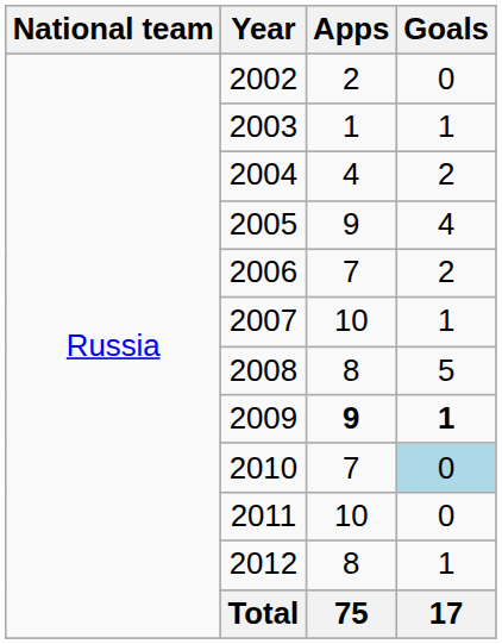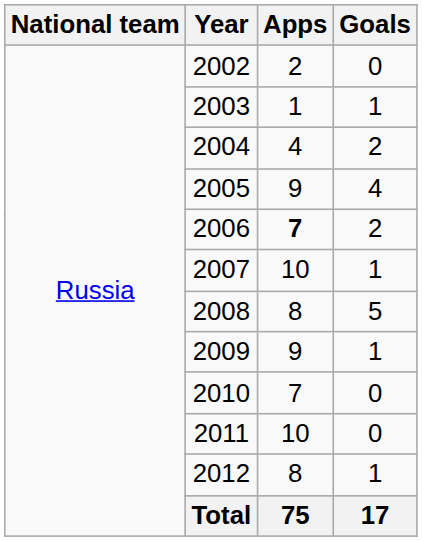 <table class="wikitable" style="text-align:center">
 <tr>
 <th>National team</th>
 <th>Year</th>
 <th>Apps</th>
 <th>Goals</th>
 </tr>
 <tr>
 <td rowspan="12"><a href='#'>Russia</a></td>
 <td>2002</td>
 <td>2</td>
 <td>0</td>
 </tr>
 <tr>
 <td>2003</td>
 <td>1</td>
 <td>1</td>
 </tr>
 <tr>
 <td>2004</td>
 <td>4</td>
 <td>2</td>
 </tr>
 <tr>
 <td>2005</td>
 <td>9</td>
 <td>4</td>
 </tr>
 <tr>
 <td>2006</td>
-<td>7</td>
+<td><strong>7</strong></td>
 <td>2</td>
 </tr>
 <tr>
 <td>2007</td>
 <td>10</td>
 <td>1</td>
 </tr>
 <tr>
 <td>2008</td>
 <td>8</td>
 <td>5</td>
 </tr>
 <tr>
 <td>2009</td>
-<td><strong>9</strong></td>
-<td><strong>1</strong></td>
+<td>9</td>
+<td>1</td>
 </tr>
 <tr>
 <td>2010</td>
 <td>7</td>
-<td style="background: lightblue;">0</td>
+<td>0</td>
 </tr>
 <tr>
 <td>2011</td>
 <td>10</td>
 <td>0</td>
 </tr>
 <tr>
 <td>2012</td>
 <td>8</td>
 <td>1</td>
 </tr>
 <tr>
 <th>Total</th>
 <th>75</th>
 <th>17</th>
 </tr>
 </table>
